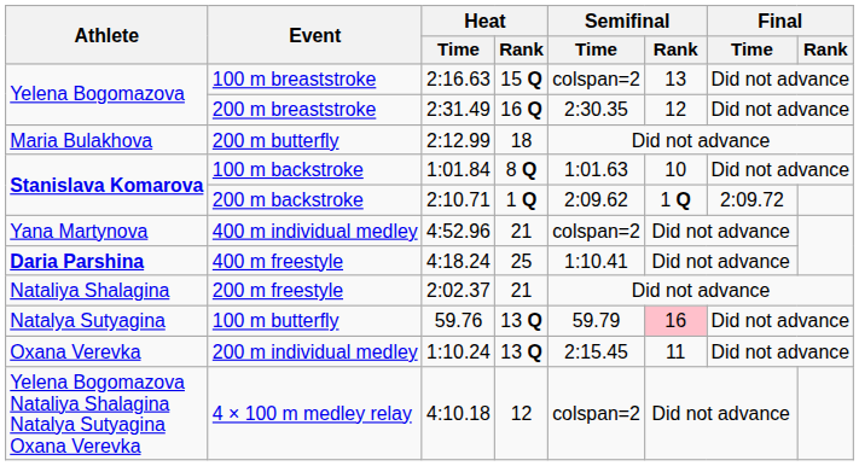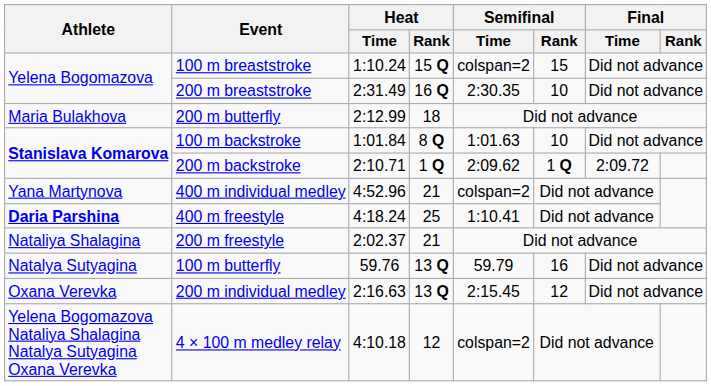 <table class=wikitable style="font-size:90%">
 <tr>
 <th rowspan="2">Athlete</th>
 <th rowspan="2">Event</th>
 <th colspan="2">Heat</th>
 <th colspan="2">Semifinal</th>
 <th colspan="2">Final</th>
 </tr>
 <tr style="font-size:95%">
 <th>Time</th>
 <th>Rank</th>
 <th>Time</th>
 <th>Rank</th>
 <th>Time</th>
 <th>Rank</th>
 </tr>
 <tr align=center>
 <td align=left rowspan=2><a href='#'>Yelena Bogomazova</a></td>
 <td align=left><a href='#'>100 m breaststroke</a></td>
-<td>2:16.63</td>
+<td>1:10.24</td>
 <td>15 <strong>Q</strong></td>
 <td>colspan=2 </td>
-<td>13</td>
+<td>15</td>
 <td colspan=2>Did not advance</td>
 </tr>
 <tr align=center>
 <td align=left><a href='#'>200 m breaststroke</a></td>
 <td>2:31.49</td>
 <td>16 <strong>Q</strong></td>
 <td>2:30.35</td>
-<td>12</td>
+<td>10</td>
 <td colspan=2>Did not advance</td>
 </tr>
 <tr align=center>
 <td align=left><a href='#'>Maria Bulakhova</a></td>
 <td align=left><a href='#'>200 m butterfly</a></td>
 <td>2:12.99</td>
 <td>18</td>
 <td colspan=4>Did not advance</td>
 </tr>
 <tr align=center>
 <td align=left rowspan=2><strong><a href='#'>Stanislava Komarova</a></strong></td>
 <td align=left><a href='#'>100 m backstroke</a></td>
 <td>1:01.84</td>
 <td>8 <strong>Q</strong></td>
 <td>1:01.63</td>
 <td>10</td>
 <td colspan=2>Did not advance</td>
 </tr>
 <tr align=center>
 <td align=left><a href='#'>200 m backstroke</a></td>
 <td>2:10.71</td>
 <td>1 <strong>Q</strong></td>
 <td>2:09.62</td>
 <td>1 <strong>Q</strong></td>
 <td>2:09.72</td>
 <td></td>
 </tr>
 <tr align=center>
 <td align=left><a href='#'>Yana Martynova</a></td>
 <td align=left><a href='#'>400 m individual medley</a></td>
 <td>4:52.96</td>
 <td>21</td>
 <td>colspan=2 </td>
 <td colspan=2>Did not advance</td>
 </tr>
 <tr align=center>
 <td align=left><strong><a href='#'>Daria Parshina</a></strong></td>
 <td align=left><a href='#'>400 m freestyle</a></td>
 <td>4:18.24</td>
 <td>25</td>
 <td>1:10.41</td>
 <td colspan=2>Did not advance</td>
 </tr>
 <tr align=center>
 <td align=left><a href='#'>Nataliya Shalagina</a></td>
 <td align=left><a href='#'>200 m freestyle</a></td>
 <td>2:02.37</td>
 <td>21</td>
 <td colspan=4>Did not advance</td>
 </tr>
 <tr align=center>
 <td align=left><a href='#'>Natalya Sutyagina</a></td>
 <td align=left><a href='#'>100 m butterfly</a></td>
 <td>59.76</td>
 <td>13 <strong>Q</strong></td>
 <td>59.79</td>
-<td style="background: pink;">16</td>
+<td>16</td>
 <td colspan=2>Did not advance</td>
 </tr>
 <tr align=center>
 <td align=left><a href='#'>Oxana Verevka</a></td>
 <td align=left><a href='#'>200 m individual medley</a></td>
-<td>1:10.24</td>
+<td>2:16.63</td>
 <td>13 <strong>Q</strong></td>
 <td>2:15.45</td>
-<td>11</td>
+<td>12</td>
 <td colspan=2>Did not advance</td>
 </tr>
 <tr align=center>
 <td align=left><a href='#'>Yelena Bogomazova</a><br><a href='#'>Nataliya Shalagina</a><br><a href='#'>Natalya Sutyagina</a><br><a href='#'>Oxana Verevka</a></td>
 <td align=left><a href='#'>4 × 100 m medley relay</a></td>
 <td>4:10.18</td>
 <td>12</td>
 <td>colspan=2 </td>
 <td colspan=2>Did not advance</td>
 </tr>
 </table>
